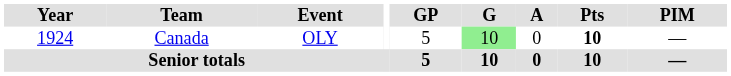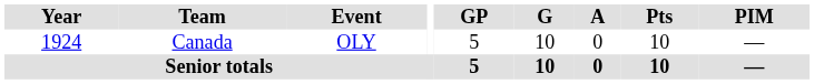 <table border="0" cellpadding="1" cellspacing="0" ID="Table3" style="text-align:center; width:40em">
 <tr bgcolor="#e0e0e0">
 <th>Year</th>
 <th>Team</th>
 <th>Event</th>
 <th rowspan="102" bgcolor="#ffffff"></th>
 <th>GP</th>
 <th>G</th>
 <th>A</th>
 <th>Pts</th>
 <th>PIM</th>
 </tr>
 <tr>
 <td><a href='#'>1924</a></td>
 <td><a href='#'>Canada</a></td>
 <td><a href='#'>OLY</a></td>
 <td>5</td>
-<td style="background: lightgreen;">10</td>
+<td>10</td>
 <td>0</td>
-<td><strong>10</strong></td>
+<td>10</td>
 <td>—</td>
 </tr>
 <tr bgcolor="#e0e0e0">
 <th colspan="4">Senior totals</th>
 <th>5</th>
 <th>10</th>
 <th>0</th>
 <th>10</th>
 <th>—</th>
 </tr>
 </table>
